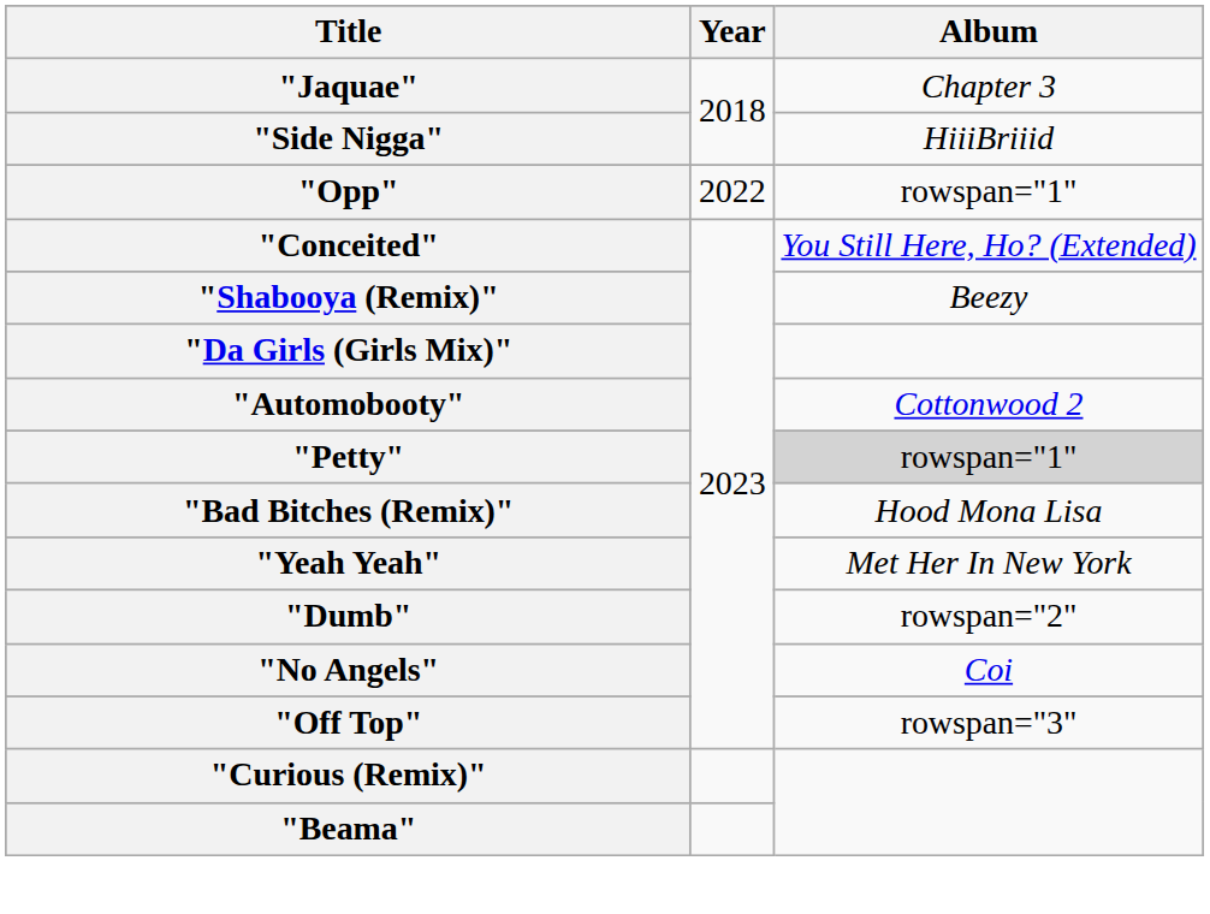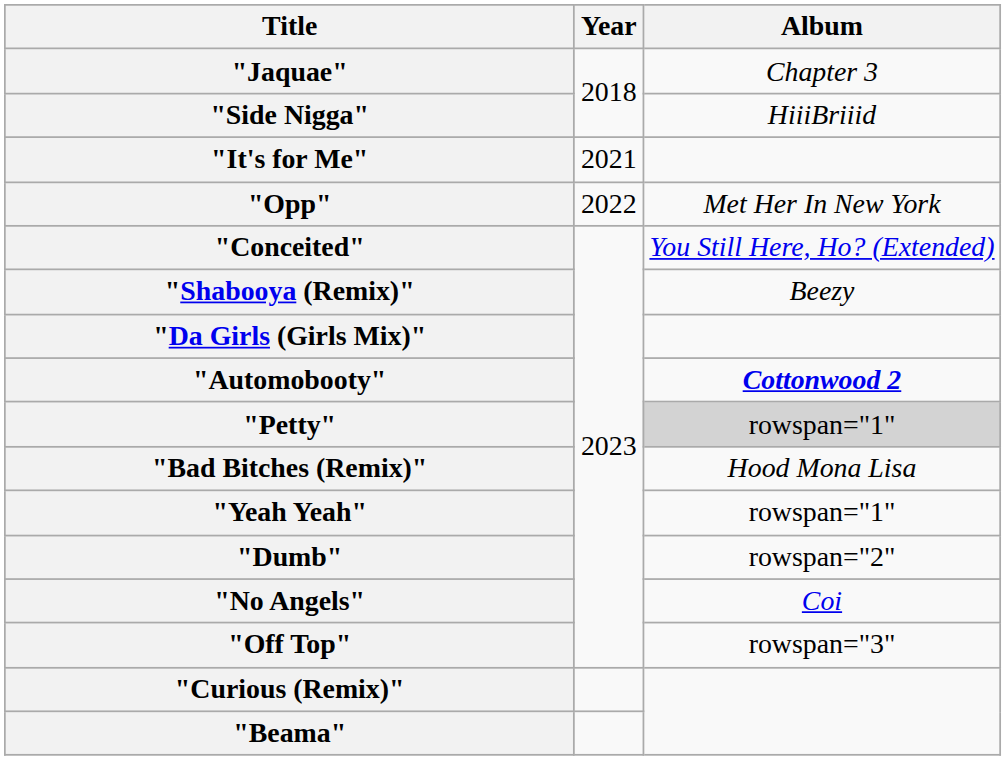 <table class="wikitable plainrowheaders" style="text-align:center;">
 <tr>
 <th scope="col" style="width:20em;">Title</th>
 <th scope="col">Year</th>
 <th scope="col">Album</th>
 </tr>
 <tr>
 <th scope="row">"Jaquae" <br></th>
 <td rowspan="2">2018</td>
 <td><em>Chapter 3</em></td>
 </tr>
 <tr>
 <th scope="row">"Side Nigga" <br></th>
 <td><em>HiiiBriiid</em></td>
 </tr>
 <tr>
+<th scope="row">"It's for Me"<br></th>
+<td>2021</td>
+<td></td>
+</tr>
+<tr>
 <th scope="row">"Opp" <br></th>
 <td>2022</td>
-<td>rowspan="1" </td>
+<td><em>Met Her In New York</em></td>
 </tr>
 <tr>
 <th scope="row">"Conceited"<br></th>
 <td rowspan="10">2023</td>
 <td><em><a href='#'>You Still Here, Ho? (Extended)</a></em></td>
 </tr>
 <tr>
 <th scope="row">"<a href='#'>Shabooya</a> (Remix)"<br></th>
 <td><em>Beezy</em></td>
 </tr>
 <tr>
 <th scope="row">"<a href='#'>Da Girls</a> (Girls Mix)"<br></th>
 </tr>
 <tr>
 <th scope="row">"Automobooty" <br></th>
-<td><em><a href='#'>Cottonwood 2</a></em></td>
+<td><strong><em><a href='#'>Cottonwood 2</a></em></strong></td>
 </tr>
 <tr>
 <th scope="row">"Petty" <br></th>
 <td style="background: lightgrey;">rowspan="1" </td>
 </tr>
 <tr>
 <th scope="row">"Bad Bitches (Remix)" <br></th>
 <td><em>Hood Mona Lisa</em></td>
 </tr>
 <tr>
 <th scope="row">"Yeah Yeah" <br></th>
-<td><em>Met Her In New York</em></td>
+<td>rowspan="1" </td>
 </tr>
 <tr>
 <th scope="row">"Dumb" <br></th>
 <td>rowspan="2" </td>
 </tr>
 <tr>
 <th scope="row">"No Angels" <br></th>
 <td><em><a href='#'>Coi</a></em></td>
 </tr>
 <tr>
 <th scope="row">"Off Top" <br></th>
 <td>rowspan="3" </td>
 </tr>
 <tr>
 <th scope="row">"Curious (Remix)" <br></th>
 <td></td>
 </tr>
 <tr>
 <th scope="row">"Beama" <br></th>
 <td></td>
 </tr>
 </table>
